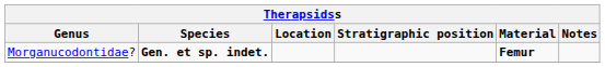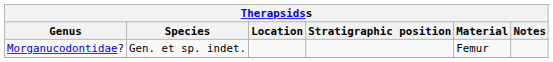 <table class="wikitable">
 <tr>
 <th colspan="7" align="center"><strong><a href='#'>Therapsids</a>s</strong></th>
 </tr>
 <tr>
 <th>Genus</th>
 <th>Species</th>
 <th>Location</th>
 <th>Stratigraphic position</th>
 <th>Material</th>
 <th>Notes</th>
 </tr>
 <tr>
 <td><a href='#'>Morganucodontidae</a>?</td>
-<td><strong>Gen. et sp. indet.</strong></td>
+<td>Gen. et sp. indet.</td>
 <td></td>
 <td></td>
-<td><strong>Femur</strong></td>
+<td>Femur</td>
 <td align=center></td>
 </tr>
 <tr>
 </tr>
 </table>
